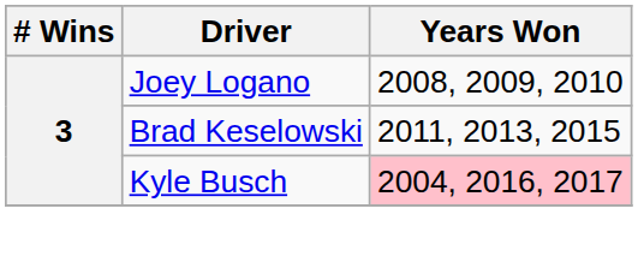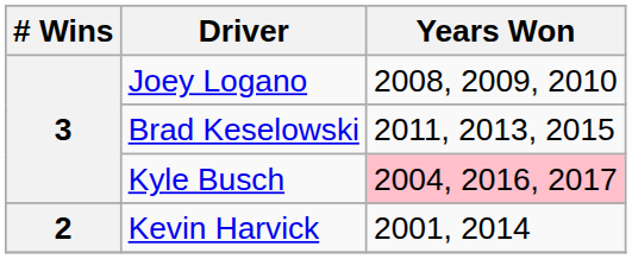 <table class="wikitable" style="font-size: 95%;">
 <tr>
 <th># Wins</th>
 <th>Driver</th>
 <th>Years Won</th>
 </tr>
 <tr>
 <th rowspan="3">3</th>
 <td><a href='#'>Joey Logano</a></td>
 <td>2008, 2009, 2010</td>
 </tr>
 <tr>
 <td><a href='#'>Brad Keselowski</a></td>
 <td>2011, 2013, 2015</td>
 </tr>
 <tr>
 <td><a href='#'>Kyle Busch</a></td>
 <td style="background: pink;">2004, 2016, 2017</td>
 </tr>
 <tr>
+<th>2</th>
+<td><a href='#'>Kevin Harvick</a></td>
+<td>2001, 2014</td>
+</tr>
+<tr>
 </tr>
 </table>
